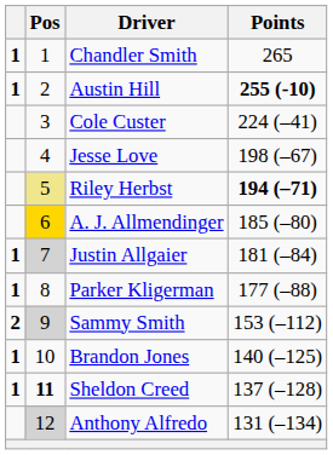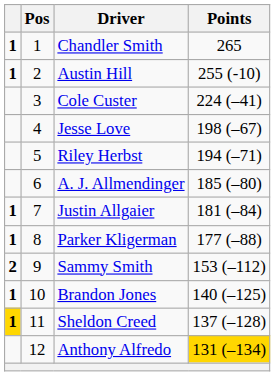 <table class="wikitable" style="font-size: 95%;">
 <tr>
 <th></th>
 <th>Pos</th>
 <th>Driver</th>
 <th>Points</th>
 </tr>
 <tr>
 <td align="left"> <strong>1</strong></td>
 <td style="text-align:center;">1</td>
 <td><a href='#'>Chandler Smith</a></td>
 <td style="text-align:center;">265</td>
 </tr>
 <tr>
 <td align="left"> <strong>1</strong></td>
 <td style="text-align:center;">2</td>
 <td><a href='#'>Austin Hill</a></td>
-<td style="text-align:center;"><strong>255 (-10)</strong></td>
+<td style="text-align:center;">255 (-10)</td>
 </tr>
 <tr>
 <td align="left"></td>
 <td style="text-align:center;">3</td>
 <td><a href='#'>Cole Custer</a></td>
 <td style="text-align:center;">224 (–41)</td>
 </tr>
 <tr>
 <td align="left"></td>
 <td style="text-align:center;">4</td>
 <td><a href='#'>Jesse Love</a></td>
 <td style="text-align:center;">198 (–67)</td>
 </tr>
 <tr>
 <td align="left"></td>
-<td style="background: khaki; text-align:center;">5</td>
+<td style="text-align:center;">5</td>
 <td><a href='#'>Riley Herbst</a></td>
-<td style="text-align:center;"><strong>194 (–71)</strong></td>
+<td style="text-align:center;">194 (–71)</td>
 </tr>
 <tr>
 <td align="left"></td>
-<td style="background: gold; text-align:center;">6</td>
+<td style="text-align:center;">6</td>
 <td><a href='#'>A. J. Allmendinger</a></td>
 <td style="text-align:center;">185 (–80)</td>
 </tr>
 <tr>
 <td align="left"> <strong>1</strong></td>
-<td style="background: lightgrey; text-align:center;">7</td>
+<td style="text-align:center;">7</td>
 <td><a href='#'>Justin Allgaier</a></td>
 <td style="text-align:center;">181 (–84)</td>
 </tr>
 <tr>
 <td align="left"> <strong>1</strong></td>
 <td style="text-align:center;">8</td>
 <td><a href='#'>Parker Kligerman</a></td>
 <td style="text-align:center;">177 (–88)</td>
 </tr>
 <tr>
 <td align="left"> <strong>2</strong></td>
-<td style="background: lightgrey; text-align:center;">9</td>
+<td style="text-align:center;">9</td>
 <td><a href='#'>Sammy Smith</a></td>
 <td style="text-align:center;">153 (–112)</td>
 </tr>
 <tr>
 <td align="left"> <strong>1</strong></td>
 <td style="text-align:center;">10</td>
 <td><a href='#'>Brandon Jones</a></td>
 <td style="text-align:center;">140 (–125)</td>
 </tr>
 <tr>
-<td align="left"> <strong>1</strong></td>
-<td style="text-align:center;"><strong>11</strong></td>
+<td align="left" style="background: gold;"> <strong>1</strong></td>
+<td style="text-align:center;">11</td>
 <td><a href='#'>Sheldon Creed</a></td>
 <td style="text-align:center;">137 (–128)</td>
 </tr>
 <tr>
 <td align="left"></td>
-<td style="background: lightgrey; text-align:center;">12</td>
+<td style="text-align:center;">12</td>
 <td><a href='#'>Anthony Alfredo</a></td>
-<td style="text-align:center;">131 (–134)</td>
+<td style="background: gold; text-align:center;">131 (–134)</td>
 </tr>
 <tr class="sortbottom">
 <th colspan="9"></th>
 </tr>
 </table>
